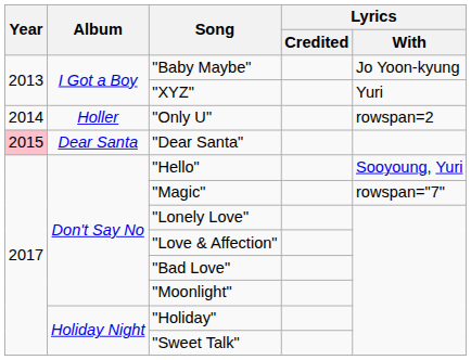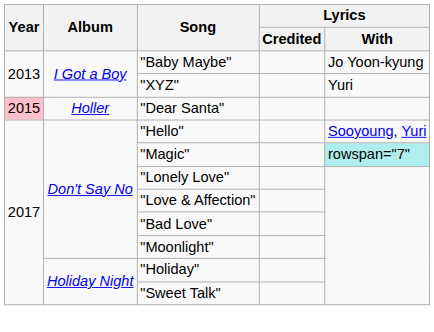 <table class="wikitable">
 <tr>
 <th rowspan="2">Year</th>
 <th rowspan="2">Album</th>
 <th rowspan="2">Song</th>
 <th colspan="2">Lyrics</th>
 </tr>
 <tr>
 <th>Credited</th>
 <th>With</th>
 </tr>
 <tr>
 <td rowspan=2>2013</td>
 <td rowspan="2" style="text-align:center;"><em><a href='#'>I Got a Boy</a></em></td>
 <td>"Baby Maybe"</td>
 <td></td>
 <td>Jo Yoon-kyung</td>
 </tr>
 <tr>
 <td>"XYZ"</td>
 <td></td>
 <td>Yuri</td>
 </tr>
 <tr>
-<td>2014</td>
+<td style="background: pink;">2015</td>
 <td style="text-align:center;"><em><a href='#'>Holler</a></em></td>
-<td>"Only U"</td>
-<td></td>
-<td>rowspan=2 </td>
-</tr>
-<tr>
-<td style="background: pink;">2015</td>
-<td style="text-align:center;"><em><a href='#'>Dear Santa</a></em></td>
 <td>"Dear Santa" </td>
 <td></td>
 </tr>
 <tr>
 <td rowspan="8">2017</td>
 <td rowspan="6" style="text-align:center;"><em><a href='#'>Don't Say No</a></em></td>
 <td>"Hello"</td>
 <td></td>
 <td><a href='#'>Sooyoung</a>, <a href='#'>Yuri</a></td>
 </tr>
 <tr>
 <td>"Magic"</td>
 <td></td>
-<td>rowspan="7" </td>
+<td style="background: paleturquoise;">rowspan="7" </td>
 </tr>
 <tr>
 <td>"Lonely Love"</td>
 <td></td>
 </tr>
 <tr>
 <td>"Love & Affection"</td>
 <td></td>
 </tr>
 <tr>
 <td>"Bad Love"</td>
 <td></td>
 </tr>
 <tr>
 <td>"Moonlight"</td>
 <td></td>
 </tr>
 <tr>
 <td rowspan="2" style="text-align:center;"><em><a href='#'>Holiday Night</a></em></td>
 <td>"Holiday"</td>
 <td></td>
 </tr>
 <tr>
 <td>"Sweet Talk"</td>
 <td></td>
 </tr>
 </table>
